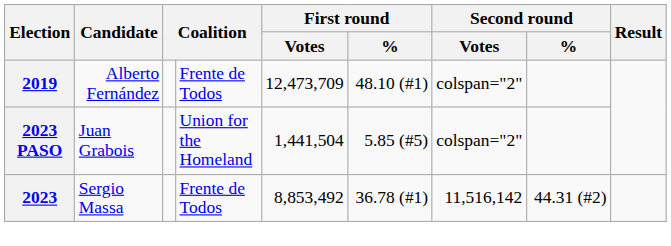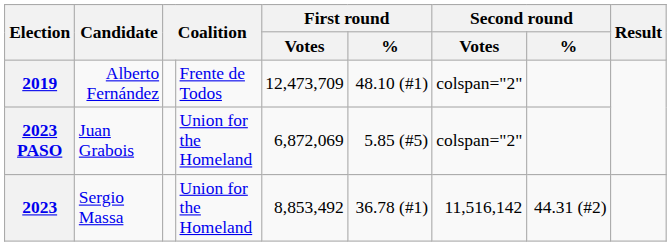 <table class="wikitable" style="text-align:right;">
 <tr>
 <th rowspan="2">Election</th>
 <th rowspan="2">Candidate</th>
 <th rowspan="2" colspan="2">Coalition</th>
 <th colspan="2">First round</th>
 <th colspan="2">Second round</th>
 <th rowspan="2">Result</th>
 </tr>
 <tr>
 <th width="70">Votes</th>
 <th width="70">%</th>
 <th width="70">Votes</th>
 <th width="70">%</th>
 </tr>
 <tr>
 <th><a href='#'>2019</a></th>
 <td><a href='#'>Alberto Fernández</a></td>
 <td bgcolor=> </td>
 <td align="left"><a href='#'>Frente de Todos</a></td>
 <td>12,473,709</td>
 <td>48.10 (#1)</td>
 <td>colspan="2" </td>
 <td></td>
 </tr>
 <tr>
 <th><a href='#'>2023 PASO</a></th>
 <td align="left"><a href='#'>Juan Grabois</a></td>
 <td></td>
 <td align="left"><a href='#'>Union for the Homeland</a></td>
-<td>1,441,504</td>
+<td>6,872,069</td>
 <td>5.85 (#5)</td>
 <td>colspan="2" </td>
 <td></td>
 </tr>
 <tr>
 <th><a href='#'>2023</a></th>
 <td align="left"><a href='#'>Sergio Massa</a></td>
 <td></td>
-<td align="left"><a href='#'>Frente de Todos</a></td>
+<td align="left"><a href='#'>Union for the Homeland</a></td>
 <td>8,853,492</td>
 <td>36.78	(#1)</td>
 <td>11,516,142</td>
 <td>44.31 (#2)</td>
 <td></td>
 </tr>
 </table>
